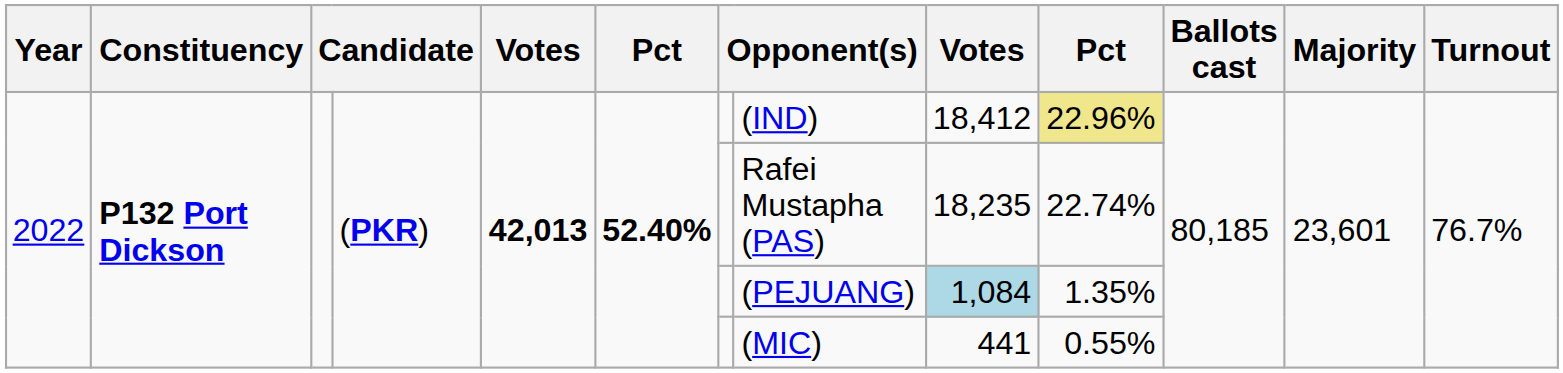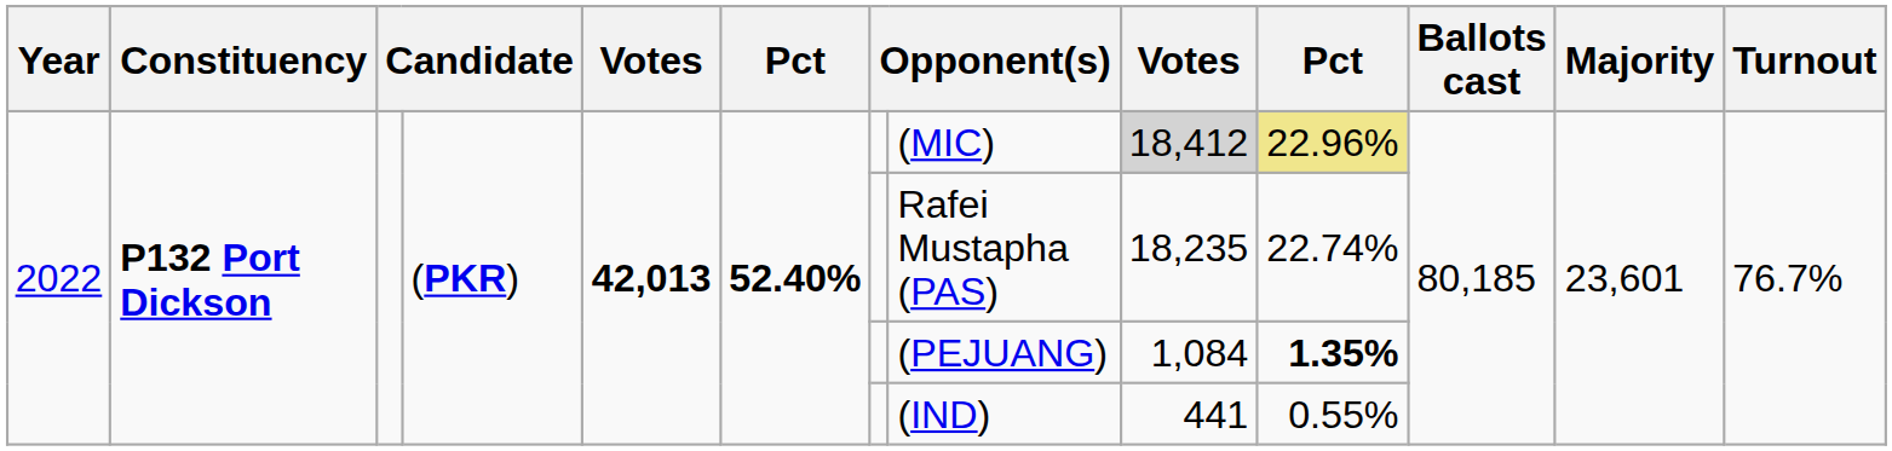 <table class="wikitable" style="margin:0.5em ; font-size:95%">
 <tr>
 <th>Year</th>
 <th>Constituency</th>
 <th colspan=2>Candidate</th>
 <th>Votes</th>
 <th>Pct</th>
 <th colspan=2>Opponent(s)</th>
 <th>Votes</th>
 <th>Pct</th>
 <th>Ballots cast</th>
 <th>Majority</th>
 <th>Turnout</th>
 </tr>
 <tr>
 <td rowspan="4"><a href='#'>2022</a></td>
 <td rowspan="4"><strong>P132 <a href='#'>Port Dickson</a></strong></td>
 <td rowspan="4" ></td>
 <td rowspan="4"> (<a href='#'><strong>PKR</strong></a>)</td>
 <td rowspan="4" align="right"><strong>42,013</strong></td>
 <td rowspan="4"><strong>52.40%</strong></td>
 <td></td>
-<td> (<a href='#'>IND</a>)</td>
-<td align="right">18,412</td>
+<td> (<a href='#'>MIC</a>)</td>
+<td align="right" style="background: lightgrey;">18,412</td>
 <td style="background: khaki;">22.96%</td>
 <td rowspan="4">80,185</td>
 <td rowspan="4">23,601</td>
 <td rowspan="4">76.7%</td>
 </tr>
 <tr>
 <td bgcolor=></td>
 <td>Rafei Mustapha (<a href='#'>PAS</a>)</td>
 <td align="right">18,235</td>
 <td align="right">22.74%</td>
 </tr>
 <tr>
 <td bgcolor=></td>
 <td> (<a href='#'>PEJUANG</a>)</td>
-<td align="right" style="background: lightblue;">1,084</td>
-<td align="right">1.35%</td>
+<td align="right">1,084</td>
+<td align="right"><strong>1.35%</strong></td>
 </tr>
 <tr>
 <td></td>
-<td> (<a href='#'>MIC</a>)</td>
+<td> (<a href='#'>IND</a>)</td>
 <td align="right">441</td>
 <td align="right">0.55%</td>
 </tr>
 </table>
